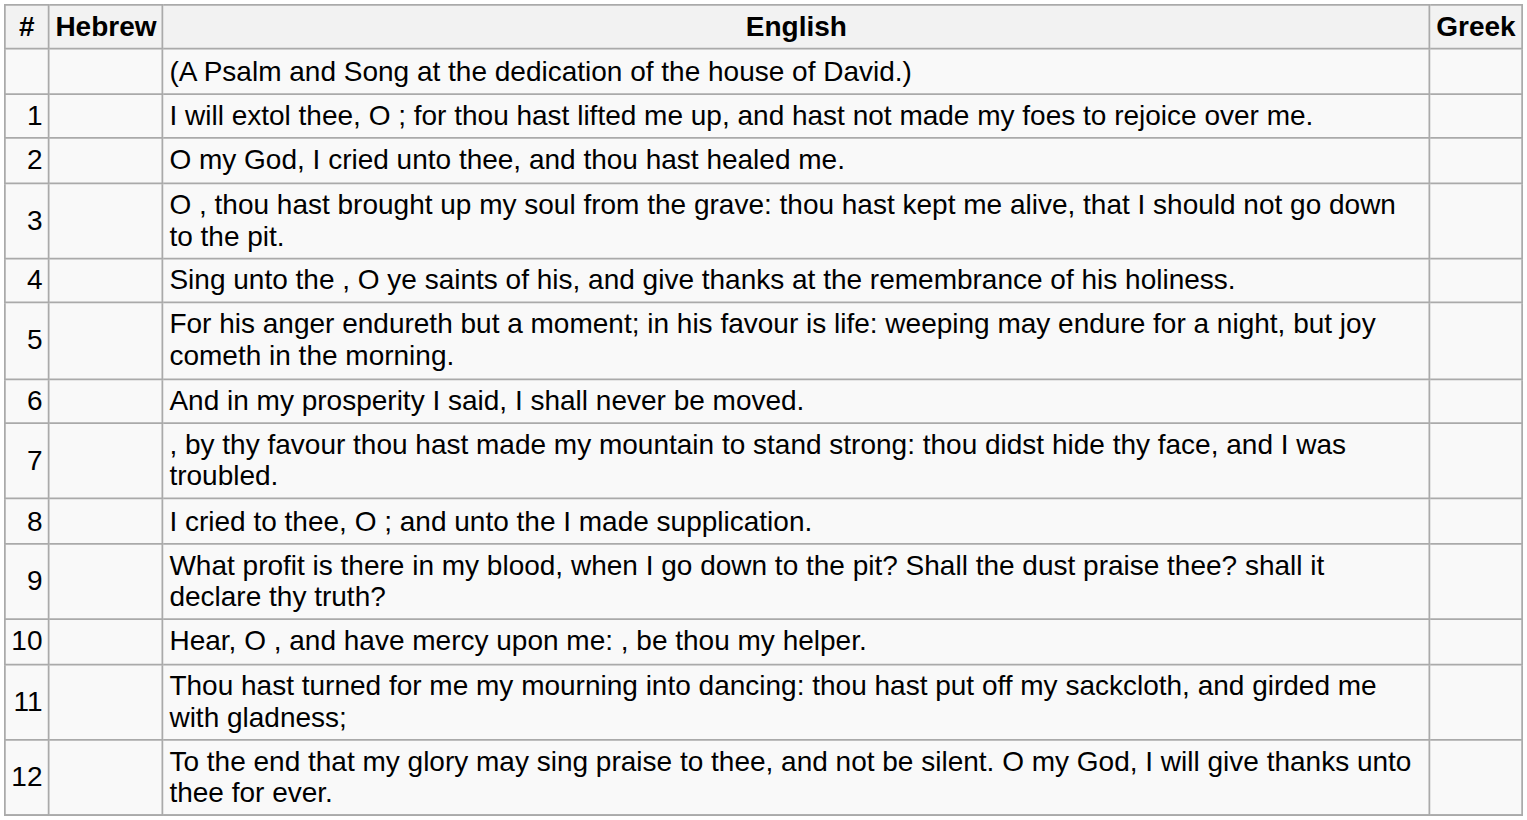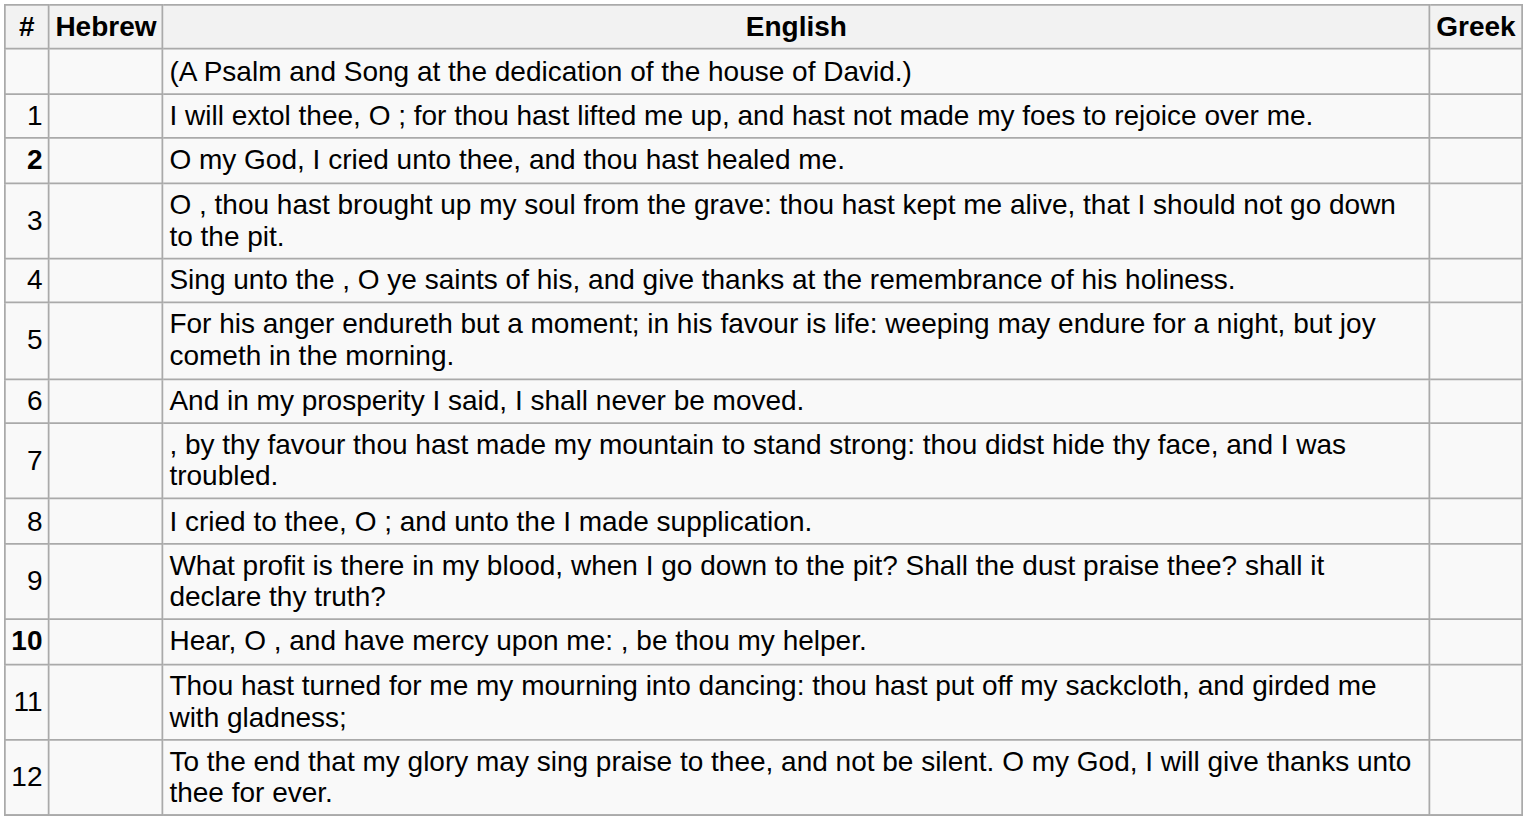 <table class=wikitable>
 <tr>
 <th>#</th>
 <th>Hebrew</th>
 <th>English</th>
 <th>Greek</th>
 </tr>
 <tr>
 <td style="text-align:right"></td>
 <td style="text-align:right"></td>
 <td>(A Psalm and Song at the dedication of the house of David.)</td>
 <td></td>
 </tr>
 <tr>
 <td style="text-align:right">1</td>
 <td style="text-align:right"></td>
 <td>I will extol thee, O ; for thou hast lifted me up, and hast not made my foes to rejoice over me.</td>
 <td></td>
 </tr>
 <tr>
-<td style="text-align:right">2</td>
+<td style="text-align:right"><strong>2</strong></td>
 <td style="text-align:right"></td>
 <td>O  my God, I cried unto thee, and thou hast healed me.</td>
 <td></td>
 </tr>
 <tr>
 <td style="text-align:right">3</td>
 <td style="text-align:right"></td>
 <td>O , thou hast brought up my soul from the grave: thou hast kept me alive, that I should not go down to the pit.</td>
 <td></td>
 </tr>
 <tr>
 <td style="text-align:right">4</td>
 <td style="text-align:right"></td>
 <td>Sing unto the , O ye saints of his, and give thanks at the remembrance of his holiness.</td>
 <td></td>
 </tr>
 <tr>
 <td style="text-align:right">5</td>
 <td style="text-align:right"></td>
 <td>For his anger endureth but a moment; in his favour is life: weeping may endure for a night, but joy cometh in the morning.</td>
 <td></td>
 </tr>
 <tr>
 <td style="text-align:right">6</td>
 <td style="text-align:right"></td>
 <td>And in my prosperity I said, I shall never be moved.</td>
 <td></td>
 </tr>
 <tr>
 <td style="text-align:right">7</td>
 <td style="text-align:right"></td>
 <td>, by thy favour thou hast made my mountain to stand strong: thou didst hide thy face, and I was troubled.</td>
 <td></td>
 </tr>
 <tr>
 <td style="text-align:right">8</td>
 <td style="text-align:right"></td>
 <td>I cried to thee, O ; and unto the  I made supplication.</td>
 <td></td>
 </tr>
 <tr>
 <td style="text-align:right">9</td>
 <td style="text-align:right"></td>
 <td>What profit is there in my blood, when I go down to the pit? Shall the dust praise thee? shall it declare thy truth?</td>
 <td></td>
 </tr>
 <tr>
-<td style="text-align:right">10</td>
+<td style="text-align:right"><strong>10</strong></td>
 <td style="text-align:right"></td>
 <td>Hear, O , and have mercy upon me: , be thou my helper.</td>
 <td></td>
 </tr>
 <tr>
 <td style="text-align:right">11</td>
 <td style="text-align:right"></td>
 <td>Thou hast turned for me my mourning into dancing: thou hast put off my sackcloth, and girded me with gladness;</td>
 <td></td>
 </tr>
 <tr>
 <td style="text-align:right">12</td>
 <td style="text-align:right"></td>
 <td>To the end that my glory may sing praise to thee, and not be silent. O  my God, I will give thanks unto thee for ever.</td>
 <td></td>
 </tr>
 <tr>
 </tr>
 </table>
